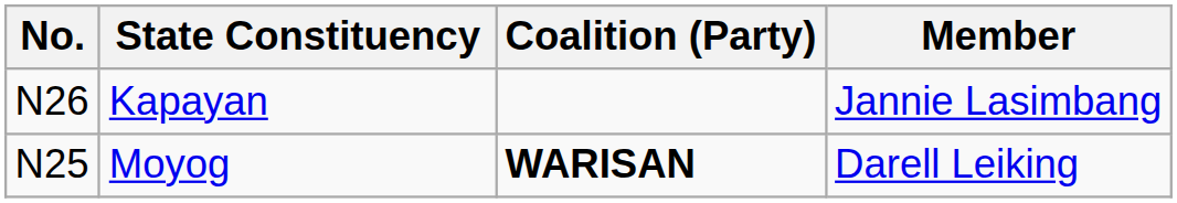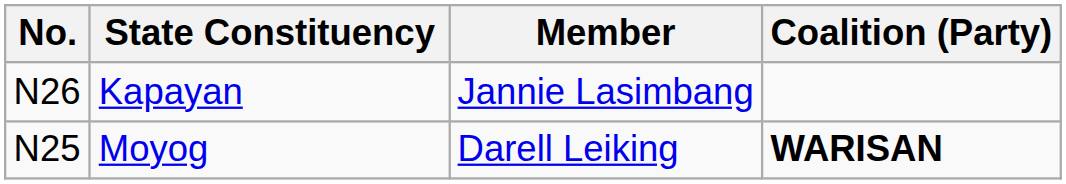 <table class="wikitable sortable">
 <tr>
 <th width="30">No.</th>
 <th width="150">State Constituency</th>
+<th>Member</th>
 <th>Coalition (Party)</th>
-<th>Member</th>
 </tr>
 <tr>
 <td>N26</td>
 <td><a href='#'>Kapayan</a></td>
+<td><a href='#'>Jannie Lasimbang</a></td>
 <td></td>
-<td><a href='#'>Jannie Lasimbang</a></td>
 </tr>
 <tr>
 <td>N25</td>
 <td><a href='#'>Moyog</a></td>
+<td><a href='#'>Darell Leiking</a></td>
 <td><strong>WARISAN</strong></td>
-<td><a href='#'>Darell Leiking</a></td>
 </tr>
 </table>
